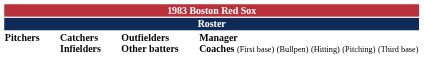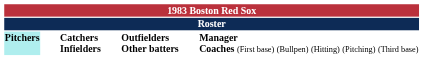 <table class="toccolours" style="text-align: left;">
 <tr>
 <th colspan="10" style="background-color: #ba313c; color: white; text-align: center;">1983 Boston Red Sox</th>
 </tr>
 <tr>
 <td colspan="10" style="background-color: #0d2b56; color: white; text-align: center;"><strong>Roster</strong></td>
 </tr>
 <tr>
-<td valign="top"><strong>Pitchers</strong><br>           </td>
+<td valign="top" style="background: paleturquoise;"><strong>Pitchers</strong><br>           </td>
 <td width="25px"></td>
 <td valign="top"><strong>Catchers</strong><br>   <strong>Infielders</strong>        </td>
 <td width="25px"></td>
 <td valign="top"><strong>Outfielders</strong><br>       <strong>Other batters</strong> </td>
 <td width="25px"></td>
 <td valign="top"><strong>Manager</strong><br> <strong>Coaches</strong>  <small>(First base)</small>  <small>(Bullpen)</small>  <small>(Hitting)</small>  <small>(Pitching)</small>  <small>(Third base)</small></td>
 </tr>
 <tr>
 </tr>
 </table>
